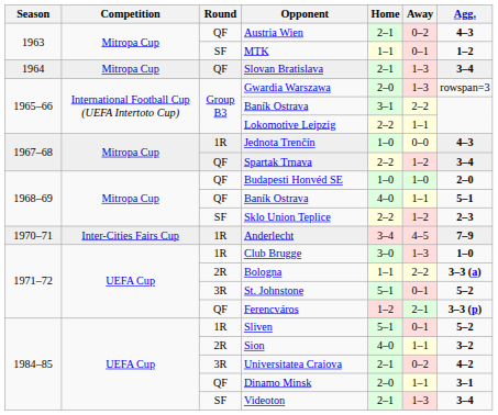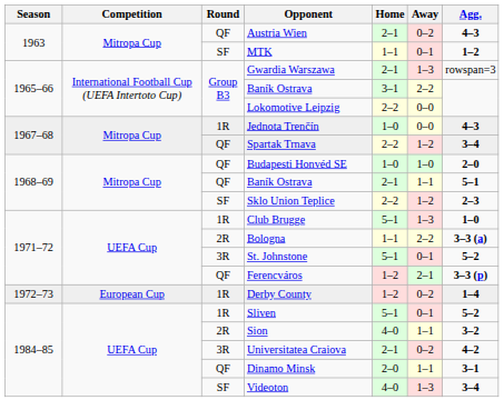 <table class="wikitable" style="font-size:95%; text-align: center;">
 <tr>
 <th width="70">Season</th>
 <th width="180">Competition</th>
 <th width="50">Round</th>
 <th width="165">Opponent</th>
 <th width="40">Home</th>
 <th width="40">Away</th>
 <th width="50"><a href='#'>Agg.</a></th>
 </tr>
 <tr>
 <td rowspan=2>1963</td>
 <td rowspan=2><a href='#'>Mitropa Cup</a></td>
 <td>QF</td>
 <td align="left"> <a href='#'>Austria Wien</a></td>
 <td bgcolor="#ddffdd">2–1</td>
 <td bgcolor="#ffdddd">0–2</td>
 <td><strong>4–3</strong></td>
 </tr>
 <tr>
 <td>SF</td>
 <td align="left"> <a href='#'>MTK</a></td>
 <td bgcolor="#ffffdd">1–1</td>
 <td bgcolor="#ffdddd">0–1</td>
 <td><strong>1–2</strong></td>
 </tr>
-<tr bgcolor=#EFEFEF>
-<td>1964</td>
-<td><a href='#'>Mitropa Cup</a></td>
-<td>QF</td>
-<td align="left"> <a href='#'>Slovan Bratislava</a></td>
-<td bgcolor="#ddffdd">2–1</td>
-<td bgcolor="#ffdddd">1–3</td>
-<td><strong>3–4</strong></td>
-</tr>
 <tr>
 <td rowspan=3>1965–66</td>
 <td rowspan=3><a href='#'>International Football Cup</a> <em>(UEFA Intertoto Cup)</em></td>
 <td rowspan=3><a href='#'>Group B3</a></td>
 <td align="left"> <a href='#'>Gwardia Warszawa</a></td>
-<td bgcolor="#ddffdd">2–0</td>
+<td bgcolor="#ddffdd">2–1</td>
 <td bgcolor="#ffdddd">1–3</td>
 <td>rowspan=3 </td>
 </tr>
 <tr>
 <td align="left"> <a href='#'>Baník Ostrava</a></td>
 <td bgcolor="#ddffdd">3–1</td>
 <td bgcolor="#ffffdd">2–2</td>
 </tr>
 <tr>
 <td align="left"> <a href='#'>Lokomotive Leipzig</a></td>
 <td bgcolor="#ffffdd">2–2</td>
-<td bgcolor="#ffffdd">1–1</td>
+<td bgcolor="#ffffdd">0–0</td>
 </tr>
 <tr bgcolor=#EFEFEF>
 <td rowspan=2>1967–68</td>
 <td rowspan=2><a href='#'>Mitropa Cup</a></td>
 <td>1R</td>
 <td align="left"> <a href='#'>Jednota Trenčín</a></td>
 <td bgcolor="#ddffdd">1–0</td>
 <td bgcolor="#ffffdd">0–0</td>
 <td><strong>4–3</strong></td>
 </tr>
 <tr bgcolor=#EFEFEF>
 <td>QF</td>
 <td align="left"> <a href='#'>Spartak Trnava</a></td>
 <td bgcolor="#ffffdd">2–2</td>
 <td bgcolor="#ffdddd">1–2</td>
 <td><strong>3–4</strong></td>
 </tr>
 <tr>
 <td rowspan=3>1968–69</td>
 <td rowspan=3><a href='#'>Mitropa Cup</a></td>
 <td>QF</td>
 <td align="left"> <a href='#'>Budapesti Honvéd SE</a></td>
 <td bgcolor="#ddffdd">1–0</td>
 <td bgcolor="#ddffdd">1–0</td>
 <td><strong>2–0</strong></td>
 </tr>
 <tr>
 <td>QF</td>
 <td align="left"> <a href='#'>Baník Ostrava</a></td>
-<td bgcolor="#ddffdd">4–0</td>
+<td bgcolor="#ddffdd">2–1</td>
 <td bgcolor="#ffffdd">1–1</td>
 <td><strong>5–1</strong></td>
 </tr>
 <tr>
 <td>SF</td>
 <td align="left"> <a href='#'>Sklo Union Teplice</a></td>
 <td bgcolor="#ffffdd">2–2</td>
 <td bgcolor="#ffdddd">1–2</td>
 <td><strong>2–3</strong></td>
 </tr>
-<tr bgcolor=#EFEFEF>
-<td>1970–71</td>
-<td><a href='#'>Inter-Cities Fairs Cup</a></td>
-<td>1R</td>
-<td align="left"> <a href='#'>Anderlecht</a></td>
-<td bgcolor="#ffdddd">3–4</td>
-<td bgcolor="#ffdddd">4–5</td>
-<td><strong>7–9</strong></td>
-</tr>
 <tr>
 <td rowspan=4>1971–72</td>
 <td rowspan=4><a href='#'>UEFA Cup</a></td>
 <td>1R</td>
 <td align="left"> <a href='#'>Club Brugge</a></td>
-<td bgcolor="#ddffdd">3–0</td>
+<td bgcolor="#ddffdd">5–1</td>
 <td bgcolor="#ffdddd">1–3</td>
 <td><strong>1–0</strong></td>
 </tr>
 <tr>
 <td>2R</td>
 <td align="left"> <a href='#'>Bologna</a></td>
 <td bgcolor="#ffffdd">1–1</td>
 <td bgcolor="#ffffdd">2–2</td>
 <td><strong>3–3 (<a href='#'>a</a>)</strong></td>
 </tr>
 <tr>
 <td>3R</td>
 <td align="left"> <a href='#'>St. Johnstone</a></td>
 <td bgcolor="#ddffdd">5–1</td>
 <td bgcolor="#ffdddd">0–1</td>
 <td><strong>5–2</strong></td>
 </tr>
 <tr>
 <td>QF</td>
 <td align="left"> <a href='#'>Ferencváros</a></td>
 <td bgcolor="#ffdddd">1–2</td>
 <td bgcolor="#ddffdd">2–1</td>
 <td><strong>3–3 (<a href='#'>p</a>)</strong></td>
+</tr>
+<tr bgcolor=#EFEFEF |>
+<td>1972–73</td>
+<td><a href='#'>European Cup</a></td>
+<td>1R</td>
+<td align="left"> <a href='#'>Derby County</a></td>
+<td bgcolor="#ffdddd">1–2</td>
+<td bgcolor="#ffdddd">0–2</td>
+<td><strong>1–4</strong></td>
 </tr>
 <tr>
 <td rowspan=5>1984–85</td>
 <td rowspan=5><a href='#'>UEFA Cup</a></td>
 <td>1R</td>
 <td align="left"> <a href='#'>Sliven</a></td>
 <td bgcolor="#ddffdd">5–1</td>
 <td bgcolor="#ffdddd">0–1</td>
 <td><strong>5–2</strong></td>
 </tr>
 <tr>
 <td>2R</td>
 <td align="left"> <a href='#'>Sion</a></td>
 <td bgcolor="#ddffdd">4–0</td>
 <td bgcolor="#ffffdd">1–1</td>
 <td><strong>3–2</strong></td>
 </tr>
 <tr>
 <td>3R</td>
 <td align="left"> <a href='#'>Universitatea Craiova</a></td>
 <td bgcolor="#ddffdd">2–1</td>
 <td bgcolor="#ffdddd">0–2</td>
 <td><strong>4–2</strong></td>
 </tr>
 <tr>
 <td>QF</td>
 <td align="left"> <a href='#'>Dinamo Minsk</a></td>
 <td bgcolor="#ddffdd">2–0</td>
 <td bgcolor="#ffffdd">1–1</td>
 <td><strong>3–1</strong></td>
 </tr>
 <tr>
 <td>SF</td>
 <td align="left"> <a href='#'>Videoton</a></td>
-<td bgcolor="#ddffdd">2–1</td>
+<td bgcolor="#ddffdd">4–0</td>
 <td bgcolor="#ffdddd">1–3</td>
 <td><strong>3–4</strong></td>
 </tr>
 </table>
